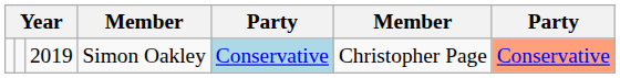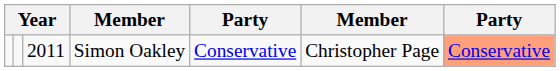 <table class="wikitable">
 <tr>
 <th colspan="3">Year</th>
 <th>Member</th>
 <th>Party</th>
 <th>Member</th>
 <th>Party</th>
 </tr>
 <tr>
 <td style="background-color: "></td>
 <td style="background-color: "></td>
-<td>2019</td>
+<td>2011</td>
 <td>Simon Oakley</td>
-<td style="background: lightblue;"><a href='#'>Conservative</a></td>
+<td><a href='#'>Conservative</a></td>
 <td>Christopher Page</td>
 <td style="background: lightsalmon;"><a href='#'>Conservative</a></td>
 </tr>
 </table>
